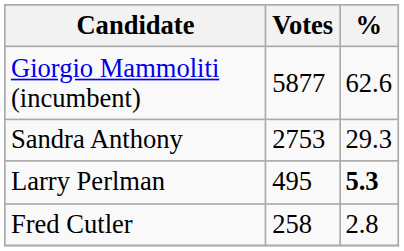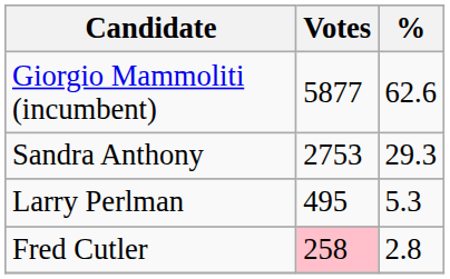 <table class="wikitable">
 <tr>
 <th bgcolor="#DDDDFF" width="150px">Candidate</th>
 <th bgcolor="#DDDDFF">Votes</th>
 <th bgcolor="#DDDDFF">%</th>
 </tr>
 <tr>
 <td><a href='#'>Giorgio Mammoliti</a> (incumbent)</td>
 <td>5877</td>
 <td>62.6</td>
 </tr>
 <tr>
 <td>Sandra Anthony</td>
 <td>2753</td>
 <td>29.3</td>
 </tr>
 <tr>
 <td>Larry Perlman</td>
 <td>495</td>
-<td><strong>5.3</strong></td>
+<td>5.3</td>
 </tr>
 <tr>
 <td>Fred Cutler</td>
-<td>258</td>
+<td style="background: pink;">258</td>
 <td>2.8</td>
 </tr>
 <tr>
 </tr>
 </table>
